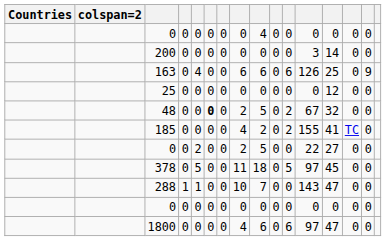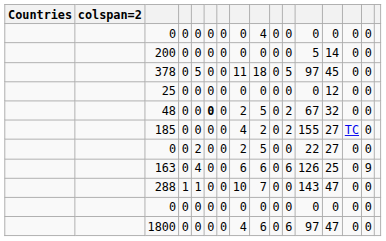 <table class="sortable mw-datatable wikitable" style=margin:auto;text-align:right;>
 <tr valign=bottom>
 <th>Countries</th>
 <th>colspan=2 </th>
 <th></th>
 <th></th>
 <th></th>
 <th></th>
 <th></th>
 <th></th>
 <th></th>
 <th></th>
 <th></th>
 <th></th>
 <th></th>
 <th></th>
 <th></th>
 <th></th>
 </tr>
 <tr>
 <td align=left></td>
 <td></td>
 <td>0</td>
 <td>0</td>
 <td>0</td>
 <td>0</td>
 <td>0</td>
 <td>0</td>
 <td>4</td>
 <td>0</td>
 <td>0</td>
 <td>0</td>
 <td>0</td>
 <td>0</td>
 <td>0</td>
 <td></td>
 </tr>
 <tr>
 <td align=left></td>
 <td></td>
 <td>200</td>
 <td>0</td>
 <td>0</td>
 <td>0</td>
 <td>0</td>
 <td>0</td>
 <td>0</td>
 <td>0</td>
 <td>0</td>
-<td>3</td>
+<td>5</td>
 <td>14</td>
 <td>0</td>
 <td>0</td>
 <td></td>
 </tr>
 <tr>
 <td align=left></td>
 <td></td>
-<td>163</td>
+<td>378</td>
 <td>0</td>
-<td>4</td>
+<td>5</td>
 <td>0</td>
 <td>0</td>
-<td>6</td>
-<td>6</td>
+<td>11</td>
+<td>18</td>
 <td>0</td>
-<td>6</td>
-<td>126</td>
-<td>25</td>
+<td>5</td>
+<td>97</td>
+<td>45</td>
 <td>0</td>
-<td>9</td>
+<td>0</td>
 <td></td>
 </tr>
 <tr>
 <td align=left></td>
 <td></td>
 <td>25</td>
 <td>0</td>
 <td>0</td>
 <td>0</td>
 <td>0</td>
 <td>0</td>
 <td>0</td>
 <td>0</td>
 <td>0</td>
 <td>0</td>
 <td>12</td>
 <td>0</td>
 <td>0</td>
 <td></td>
 </tr>
 <tr>
 <td align=left></td>
 <td></td>
 <td>48</td>
 <td>0</td>
 <td>0</td>
 <td><strong>0</strong></td>
 <td>0</td>
 <td>2</td>
 <td>5</td>
 <td>0</td>
 <td>2</td>
 <td>67</td>
 <td>32</td>
 <td>0</td>
 <td>0</td>
 <td></td>
 </tr>
 <tr>
 <td align=left></td>
 <td></td>
 <td>185</td>
 <td>0</td>
 <td>0</td>
 <td>0</td>
 <td>0</td>
 <td>4</td>
 <td>2</td>
 <td>0</td>
 <td>2</td>
 <td>155</td>
-<td>41</td>
+<td>27</td>
 <td><a href='#'>TC</a></td>
 <td>0</td>
 <td></td>
 </tr>
 <tr>
 <td align=left></td>
 <td></td>
 <td>0</td>
 <td>0</td>
 <td>2</td>
 <td>0</td>
 <td>0</td>
 <td>2</td>
 <td>5</td>
 <td>0</td>
 <td>0</td>
 <td>22</td>
 <td>27</td>
 <td>0</td>
 <td>0</td>
 <td></td>
 </tr>
 <tr>
 <td align=left></td>
 <td></td>
-<td>378</td>
+<td>163</td>
 <td>0</td>
-<td>5</td>
+<td>4</td>
 <td>0</td>
 <td>0</td>
-<td>11</td>
-<td>18</td>
+<td>6</td>
+<td>6</td>
 <td>0</td>
-<td>5</td>
-<td>97</td>
-<td>45</td>
+<td>6</td>
+<td>126</td>
+<td>25</td>
 <td>0</td>
-<td>0</td>
+<td>9</td>
 <td></td>
 </tr>
 <tr>
 <td align=left></td>
 <td></td>
 <td>288</td>
 <td>1</td>
 <td>1</td>
 <td>0</td>
 <td>0</td>
 <td>10</td>
 <td>7</td>
 <td>0</td>
 <td>0</td>
 <td>143</td>
 <td>47</td>
 <td>0</td>
 <td>0</td>
 <td></td>
 </tr>
 <tr>
 <td align=left></td>
 <td></td>
 <td>0</td>
 <td>0</td>
 <td>0</td>
 <td>0</td>
 <td>0</td>
 <td>0</td>
 <td>0</td>
 <td>0</td>
 <td>0</td>
 <td>0</td>
 <td>0</td>
 <td>0</td>
 <td>0</td>
 <td></td>
 </tr>
 <tr>
 <td align=left></td>
 <td></td>
 <td>1800</td>
 <td>0</td>
 <td>0</td>
 <td>0</td>
 <td>0</td>
 <td>4</td>
 <td>6</td>
 <td>0</td>
 <td>6</td>
 <td>97</td>
 <td>47</td>
 <td>0</td>
 <td>0</td>
 <td></td>
 </tr>
 </table>
